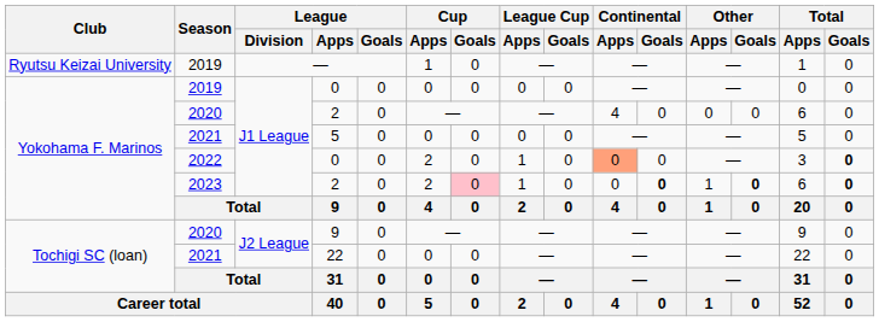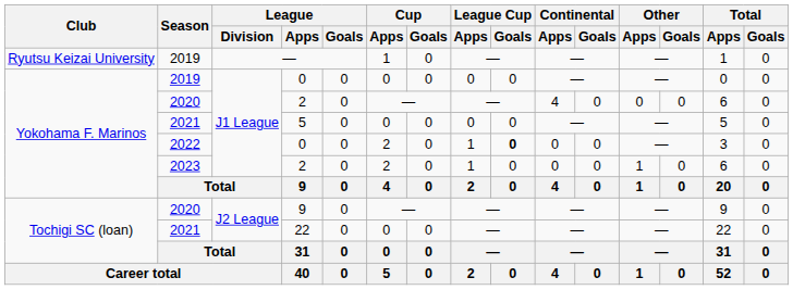 <table class="wikitable" style="text-align: center">
 <tr>
 <th rowspan="2">Club</th>
 <th rowspan="2">Season</th>
 <th colspan="3">League</th>
 <th colspan="2">Cup</th>
 <th colspan="2">League Cup</th>
 <th colspan="2">Continental</th>
 <th colspan="2">Other</th>
 <th colspan="2">Total</th>
 </tr>
 <tr>
 <th>Division</th>
 <th>Apps</th>
 <th>Goals</th>
 <th>Apps</th>
 <th>Goals</th>
 <th>Apps</th>
 <th>Goals</th>
 <th>Apps</th>
 <th>Goals</th>
 <th>Apps</th>
 <th>Goals</th>
 <th>Apps</th>
 <th>Goals</th>
 </tr>
 <tr>
 <td><a href='#'>Ryutsu Keizai University</a></td>
 <td>2019</td>
 <td colspan="3">—</td>
 <td>1</td>
 <td>0</td>
 <td colspan="2">—</td>
 <td colspan="2">—</td>
 <td colspan="2">—</td>
 <td>1</td>
 <td>0</td>
 </tr>
 <tr>
 <td rowspan="6"><a href='#'>Yokohama F. Marinos</a></td>
 <td><a href='#'>2019</a></td>
 <td rowspan="5"><a href='#'>J1 League</a></td>
 <td>0</td>
 <td>0</td>
 <td>0</td>
 <td>0</td>
 <td>0</td>
 <td>0</td>
 <td colspan="2">—</td>
 <td colspan="2">—</td>
 <td>0</td>
 <td>0</td>
 </tr>
 <tr>
 <td><a href='#'>2020</a></td>
 <td>2</td>
 <td>0</td>
 <td colspan="2">—</td>
 <td colspan="2">—</td>
 <td>4</td>
 <td>0</td>
 <td>0</td>
 <td>0</td>
 <td>6</td>
 <td>0</td>
 </tr>
 <tr>
 <td><a href='#'>2021</a></td>
 <td>5</td>
 <td>0</td>
 <td>0</td>
 <td>0</td>
 <td>0</td>
 <td>0</td>
 <td colspan="2">—</td>
 <td colspan="2">—</td>
 <td>5</td>
 <td>0</td>
 </tr>
 <tr>
 <td><a href='#'>2022</a></td>
 <td>0</td>
 <td>0</td>
 <td>2</td>
 <td>0</td>
 <td>1</td>
+<td><strong>0</strong></td>
 <td>0</td>
-<td style="background: lightsalmon;">0</td>
 <td>0</td>
 <td colspan="2">—</td>
 <td>3</td>
-<td><strong>0</strong></td>
+<td>0</td>
 </tr>
 <tr>
 <td><a href='#'>2023</a></td>
 <td>2</td>
 <td>0</td>
 <td>2</td>
-<td style="background: pink;">0</td>
+<td>0</td>
 <td>1</td>
 <td>0</td>
 <td>0</td>
-<td><strong>0</strong></td>
+<td>0</td>
 <td>1</td>
-<td><strong>0</strong></td>
+<td>0</td>
 <td>6</td>
-<td><strong>0</strong></td>
+<td>0</td>
 </tr>
 <tr>
 <th colspan="2">Total</th>
 <th>9</th>
 <th>0</th>
 <th>4</th>
 <th>0</th>
 <th>2</th>
 <th>0</th>
 <th>4</th>
 <th>0</th>
 <th>1</th>
 <th>0</th>
 <th>20</th>
 <th>0</th>
 </tr>
 <tr>
 <td rowspan="3"><a href='#'>Tochigi SC</a> (loan)</td>
 <td><a href='#'>2020</a></td>
 <td rowspan="2"><a href='#'>J2 League</a></td>
 <td>9</td>
 <td>0</td>
 <td colspan="2">—</td>
 <td colspan="2">—</td>
 <td colspan="2">—</td>
 <td colspan="2">—</td>
 <td>9</td>
 <td>0</td>
 </tr>
 <tr>
 <td><a href='#'>2021</a></td>
 <td>22</td>
 <td>0</td>
 <td>0</td>
 <td>0</td>
 <td colspan="2">—</td>
 <td colspan="2">—</td>
 <td colspan="2">—</td>
 <td>22</td>
 <td>0</td>
 </tr>
 <tr>
 <th colspan="2">Total</th>
 <th>31</th>
 <th>0</th>
 <th>0</th>
 <th>0</th>
 <th colspan="2">—</th>
 <th colspan="2">—</th>
 <th colspan="2">—</th>
 <th>31</th>
 <th>0</th>
 </tr>
 <tr>
 <th colspan="3">Career total</th>
 <th>40</th>
 <th>0</th>
 <th>5</th>
 <th>0</th>
 <th>2</th>
 <th>0</th>
 <th>4</th>
 <th>0</th>
 <th>1</th>
 <th>0</th>
 <th>52</th>
 <th>0</th>
 </tr>
 </table>
